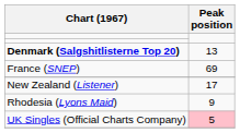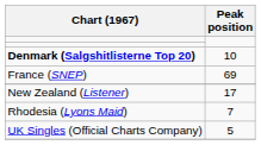 <table class="wikitable sortable">
 <tr>
 <th>Chart (1967)</th>
 <th>Peak<br>position</th>
 </tr>
 <tr>
 <td></td>
 </tr>
 <tr>
 <td></td>
 </tr>
 <tr>
 <td><strong>Denmark (<a href='#'>Salgshitlisterne Top 20</a>)</strong></td>
-<td style="text-align:center;">13</td>
+<td style="text-align:center;">10</td>
 </tr>
 <tr>
 <td>France (<em><a href='#'>SNEP</a></em>)</td>
 <td style="text-align:center;">69</td>
 </tr>
 <tr>
 </tr>
 <tr>
 <td>New Zealand (<a href='#'><em>Listener</em></a>)</td>
 <td style="text-align:center;">17</td>
 </tr>
 <tr>
 <td>Rhodesia (<em><a href='#'>Lyons Maid</a></em>)</td>
-<td style="text-align:center;">9</td>
+<td style="text-align:center;">7</td>
 </tr>
 <tr>
 <td><a href='#'>UK Singles</a> (Official Charts Company)</td>
-<td align="center" style="background: pink;">5</td>
+<td align="center">5</td>
 </tr>
 <tr>
 </tr>
 </table>
